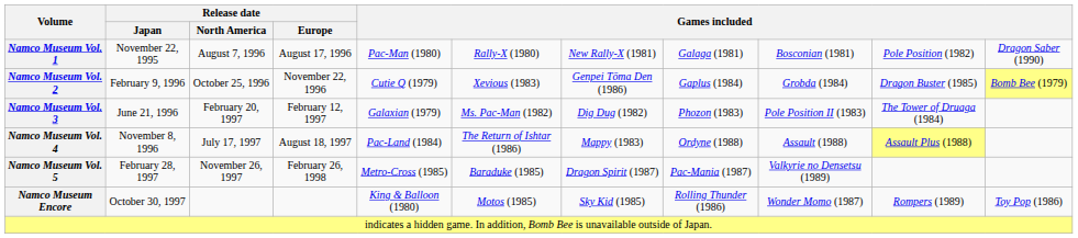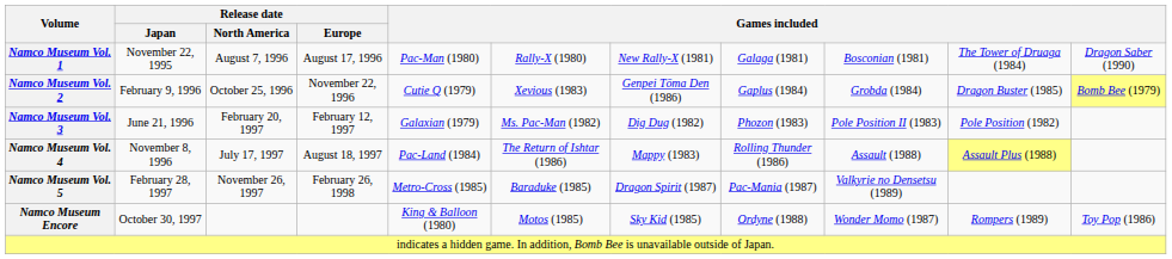 <table class="wikitable" style="text-align:center">
 <tr>
 <th rowspan="2">Volume</th>
 <th colspan="3">Release date</th>
 <th rowspan="2" colspan="7">Games included</th>
 </tr>
 <tr>
 <th>Japan</th>
 <th>North America</th>
 <th>Europe</th>
 </tr>
 <tr>
 <th><em><a href='#'>Namco Museum Vol. 1</a></em></th>
 <td>November 22, 1995</td>
 <td>August 7, 1996</td>
 <td>August 17, 1996</td>
 <td><em><a href='#'>Pac-Man</a></em> (1980)</td>
 <td><em><a href='#'>Rally-X</a></em> (1980)</td>
 <td><em><a href='#'>New Rally-X</a></em> (1981)</td>
 <td><em><a href='#'>Galaga</a></em> (1981)</td>
 <td><em><a href='#'>Bosconian</a></em> (1981)</td>
-<td><em><a href='#'>Pole Position</a></em> (1982)</td>
+<td><em><a href='#'>The Tower of Druaga</a></em> (1984)</td>
 <td><em><a href='#'>Dragon Saber</a></em> (1990)</td>
 </tr>
 <tr>
 <th><em><a href='#'>Namco Museum Vol. 2</a></em></th>
 <td>February 9, 1996</td>
 <td>October 25, 1996</td>
 <td>November 22, 1996</td>
 <td><em><a href='#'>Cutie Q</a></em> (1979) </td>
 <td><em><a href='#'>Xevious</a></em> (1983)</td>
 <td><em><a href='#'>Genpei Tōma Den</a></em> (1986)</td>
 <td><em><a href='#'>Gaplus</a></em> (1984)</td>
 <td><em><a href='#'>Grobda</a></em> (1984)</td>
 <td><em><a href='#'>Dragon Buster</a></em> (1985)</td>
 <td style="background:#ffff88;"><em><a href='#'>Bomb Bee</a></em> (1979)</td>
 </tr>
 <tr>
 <th><em><a href='#'>Namco Museum Vol. 3</a></em></th>
 <td>June 21, 1996</td>
 <td>February 20, 1997</td>
 <td>February 12, 1997</td>
 <td><em><a href='#'>Galaxian</a></em> (1979)</td>
 <td><em><a href='#'>Ms. Pac-Man</a></em> (1982)</td>
 <td><em><a href='#'>Dig Dug</a></em> (1982)</td>
 <td><em><a href='#'>Phozon</a></em> (1983)</td>
 <td><em><a href='#'>Pole Position II</a></em> (1983)</td>
-<td><em><a href='#'>The Tower of Druaga</a></em> (1984)</td>
+<td><em><a href='#'>Pole Position</a></em> (1982)</td>
 <td></td>
 </tr>
 <tr>
 <th><em>Namco Museum Vol. 4</em></th>
 <td>November 8, 1996</td>
 <td>July 17, 1997</td>
 <td>August 18, 1997</td>
 <td><em><a href='#'>Pac-Land</a></em> (1984)</td>
 <td><em><a href='#'>The Return of Ishtar</a></em> (1986)</td>
 <td><em><a href='#'>Mappy</a></em> (1983)</td>
-<td><em><a href='#'>Ordyne</a></em> (1988)</td>
+<td><em><a href='#'>Rolling Thunder</a></em> (1986)</td>
 <td><em><a href='#'>Assault</a></em> (1988)</td>
 <td style="background:#ffff88;"><em><a href='#'>Assault Plus</a></em> (1988)</td>
 <td></td>
 </tr>
 <tr>
 <th><em>Namco Museum Vol. 5</em></th>
 <td>February 28, 1997</td>
 <td>November 26, 1997</td>
 <td>February 26, 1998</td>
 <td><em><a href='#'>Metro-Cross</a></em> (1985)</td>
 <td><em><a href='#'>Baraduke</a></em> (1985)</td>
 <td><em><a href='#'>Dragon Spirit</a></em> (1987)</td>
 <td><em><a href='#'>Pac-Mania</a></em> (1987)</td>
 <td><em><a href='#'>Valkyrie no Densetsu</a></em> (1989)</td>
 <td></td>
 <td></td>
 </tr>
 <tr>
 <th><em>Namco Museum Encore</em></th>
 <td>October 30, 1997</td>
 <td></td>
 <td></td>
 <td><em><a href='#'>King & Balloon</a></em> (1980)</td>
 <td><em><a href='#'>Motos</a></em> (1985)</td>
 <td><em><a href='#'>Sky Kid</a></em> (1985)</td>
-<td><em><a href='#'>Rolling Thunder</a></em> (1986)</td>
+<td><em><a href='#'>Ordyne</a></em> (1988)</td>
 <td><em><a href='#'>Wonder Momo</a></em> (1987)</td>
 <td><em><a href='#'>Rompers</a></em> (1989)</td>
 <td><em><a href='#'>Toy Pop</a></em> (1986)</td>
 </tr>
 <tr>
 <td colspan="11" style="background:#ffff88; text-align: center;"> indicates a hidden game. In addition, <em>Bomb Bee</em> is unavailable outside of Japan.</td>
 </tr>
 </table>
